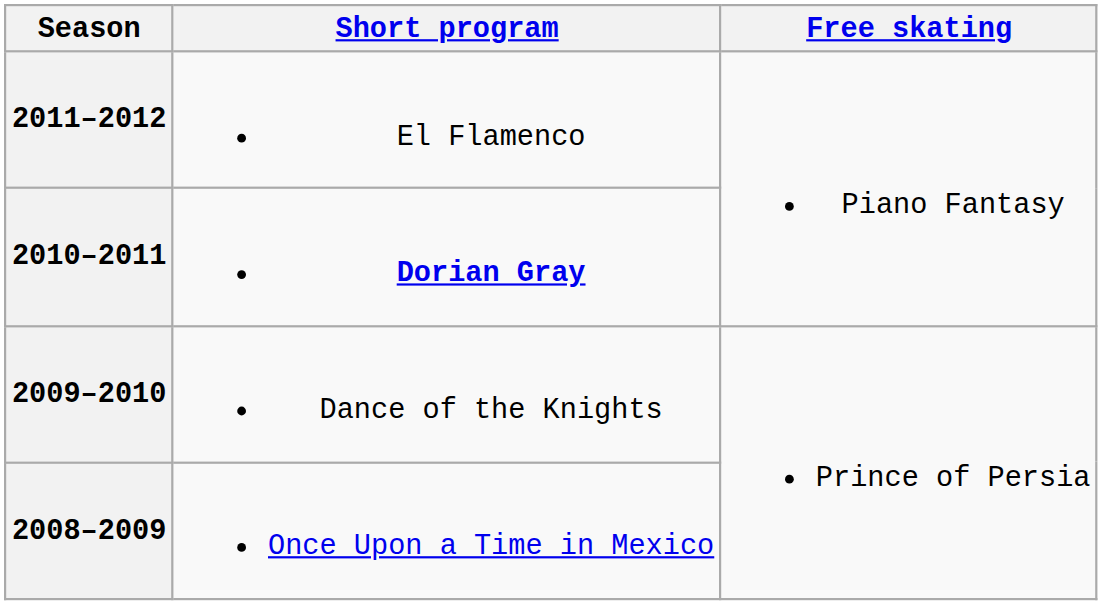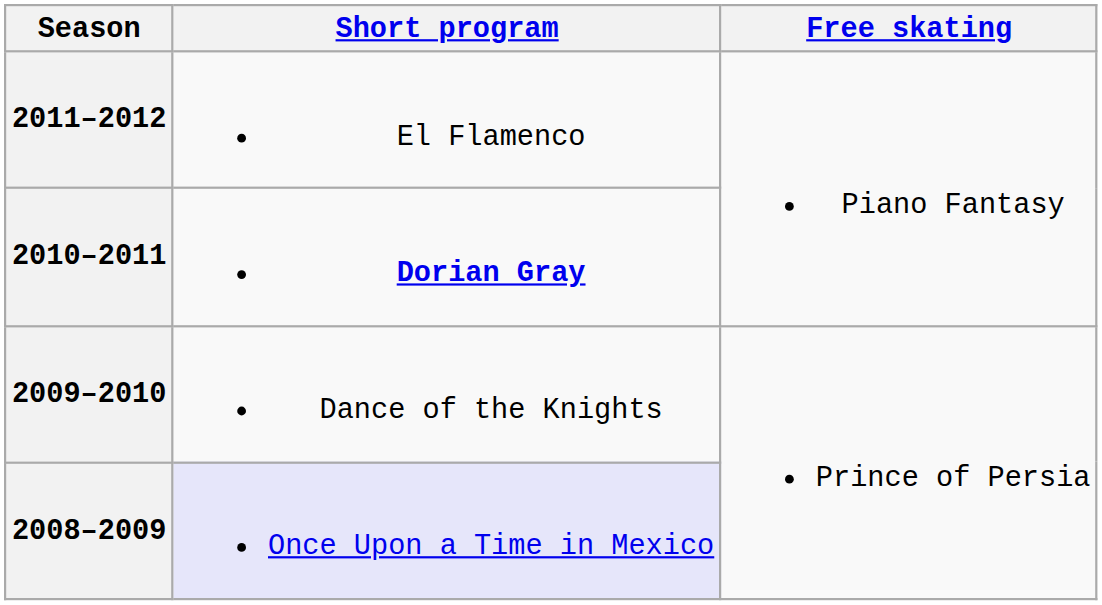 <table class="wikitable" style="text-align:center">
 <tr>
 <th>Season</th>
 <th><a href='#'>Short program</a></th>
 <th><a href='#'>Free skating</a></th>
 </tr>
 <tr>
 <th>2011–2012 <br> </th>
 <td><br><ul><li>El Flamenco</li></ul></td>
 <td rowspan=2><br><ul><li>Piano Fantasy <br></li></ul></td>
 </tr>
 <tr>
 <th>2010–2011 <br> </th>
 <td><strong><br><ul><li><a href='#'>Dorian Gray</a> <br></li></ul></strong></td>
 </tr>
 <tr>
 <th>2009–2010 <br> </th>
 <td><br><ul><li>Dance of the Knights <br></li></ul></td>
 <td rowspan=2><br><ul><li>Prince of Persia <br></li></ul></td>
 </tr>
 <tr>
 <th>2008–2009 <br> </th>
-<td><br><ul><li><a href='#'>Once Upon a Time in Mexico</a> <br></li></ul></td>
+<td style="background: lavender;"><br><ul><li><a href='#'>Once Upon a Time in Mexico</a> <br></li></ul></td>
 </tr>
 </table>
